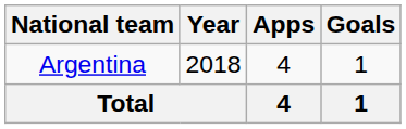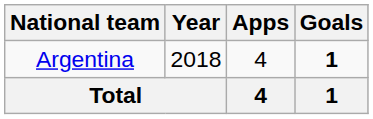 <table class="wikitable" style="text-align:center">
 <tr>
 <th>National team</th>
 <th>Year</th>
 <th>Apps</th>
 <th>Goals</th>
 </tr>
 <tr>
 <td><a href='#'>Argentina</a></td>
 <td>2018</td>
 <td>4</td>
-<td>1</td>
+<td><strong>1</strong></td>
 </tr>
 <tr>
 <th colspan="2">Total</th>
 <th>4</th>
 <th>1</th>
 </tr>
 </table>
